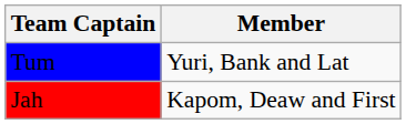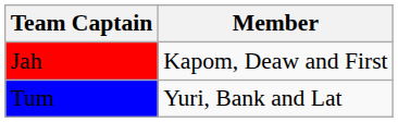 <table class="wikitable">
 <tr>
 <th>Team Captain</th>
 <th>Member</th>
 </tr>
 <tr>
+<td style="background:red"><span>Jah</span></td>
+<td>Kapom, Deaw and First</td>
+</tr>
+<tr>
 <td style="background:#0000FF"><span>Tum</span></td>
 <td>Yuri, Bank and Lat</td>
 </tr>
-<tr>
-<td style="background:red"><span>Jah</span></td>
-<td>Kapom, Deaw and First</td>
-</tr>
 </table>
